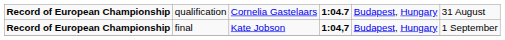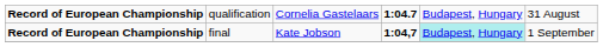 <table class=wikitable>
 <tr>
 <td><strong>Record of European Championship</strong></td>
 <td>qualification</td>
 <td> <a href='#'>Cornelia Gastelaars</a></td>
 <td><strong>1:04.7</strong></td>
 <td><a href='#'>Budapest</a>, <a href='#'>Hungary</a></td>
 <td>31 August</td>
 </tr>
 <tr>
 <td><strong>Record of European Championship</strong></td>
 <td>final</td>
 <td> <a href='#'>Kate Jobson</a></td>
 <td><strong>1:04,7</strong></td>
-<td><a href='#'>Budapest</a>, <a href='#'>Hungary</a></td>
+<td style="background: paleturquoise;"><a href='#'>Budapest</a>, <a href='#'>Hungary</a></td>
 <td>1 September</td>
 </tr>
 <tr>
 </tr>
 </table>
